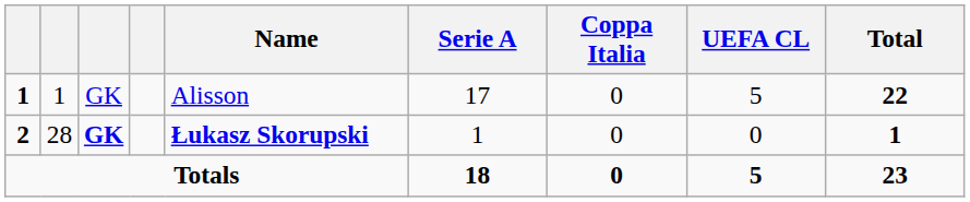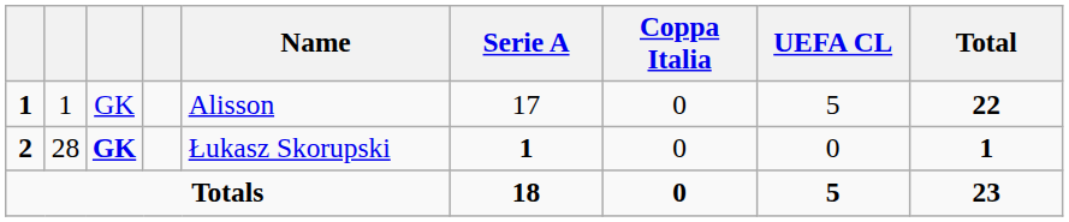 <table class="wikitable" style="text-align:center">
 <tr>
 <th width=15></th>
 <th width=15></th>
 <th width=15></th>
 <th width=15></th>
 <th width=145>Name</th>
 <th width=80><a href='#'>Serie A</a></th>
 <th width=80><a href='#'>Coppa Italia</a></th>
 <th width=80><a href='#'>UEFA CL</a></th>
 <th width=80>Total</th>
 </tr>
 <tr>
 <td><strong>1</strong></td>
 <td>1</td>
 <td><a href='#'>GK</a></td>
 <td></td>
 <td align=left><a href='#'>Alisson</a></td>
 <td>17</td>
 <td>0</td>
 <td>5</td>
 <td><strong>22</strong></td>
 </tr>
 <tr>
 <td><strong>2</strong></td>
 <td>28</td>
 <td><strong><a href='#'>GK</a></strong></td>
 <td></td>
-<td align=left><strong><a href='#'>Łukasz Skorupski</a></strong></td>
-<td>1</td>
+<td align=left><a href='#'>Łukasz Skorupski</a></td>
+<td><strong>1</strong></td>
 <td>0</td>
 <td>0</td>
 <td><strong>1</strong></td>
 </tr>
 <tr>
 <td colspan=5><strong>Totals</strong></td>
 <td><strong>18</strong></td>
 <td><strong>0</strong></td>
 <td><strong>5</strong></td>
 <td><strong>23</strong></td>
 </tr>
 </table>
